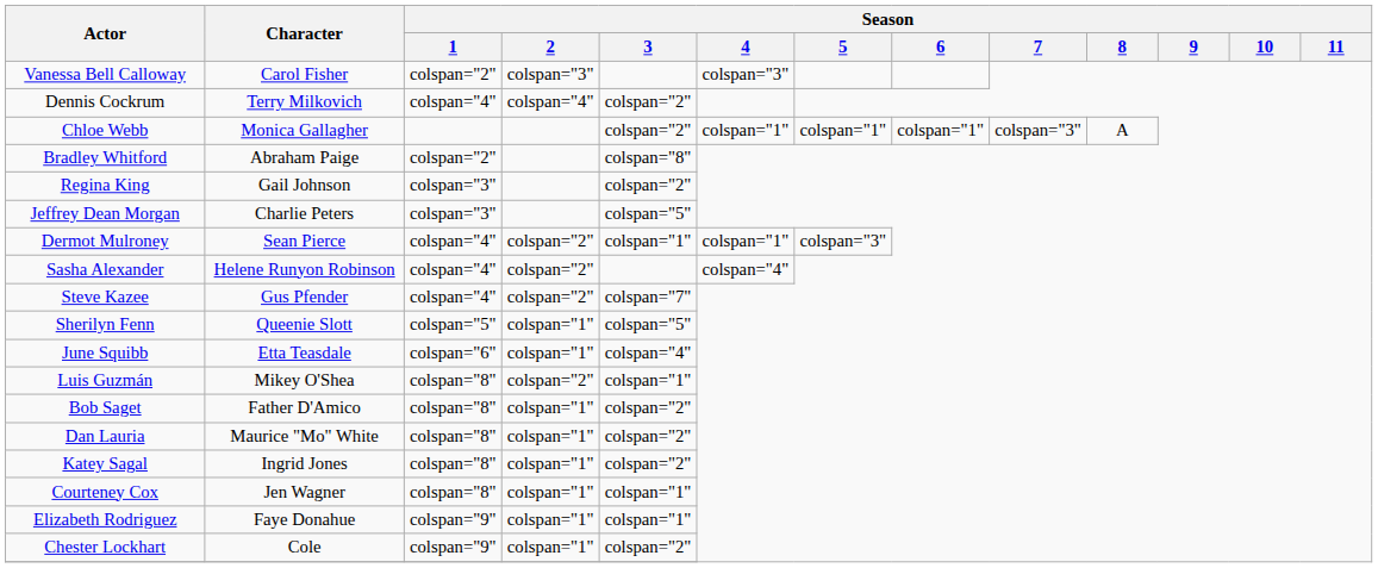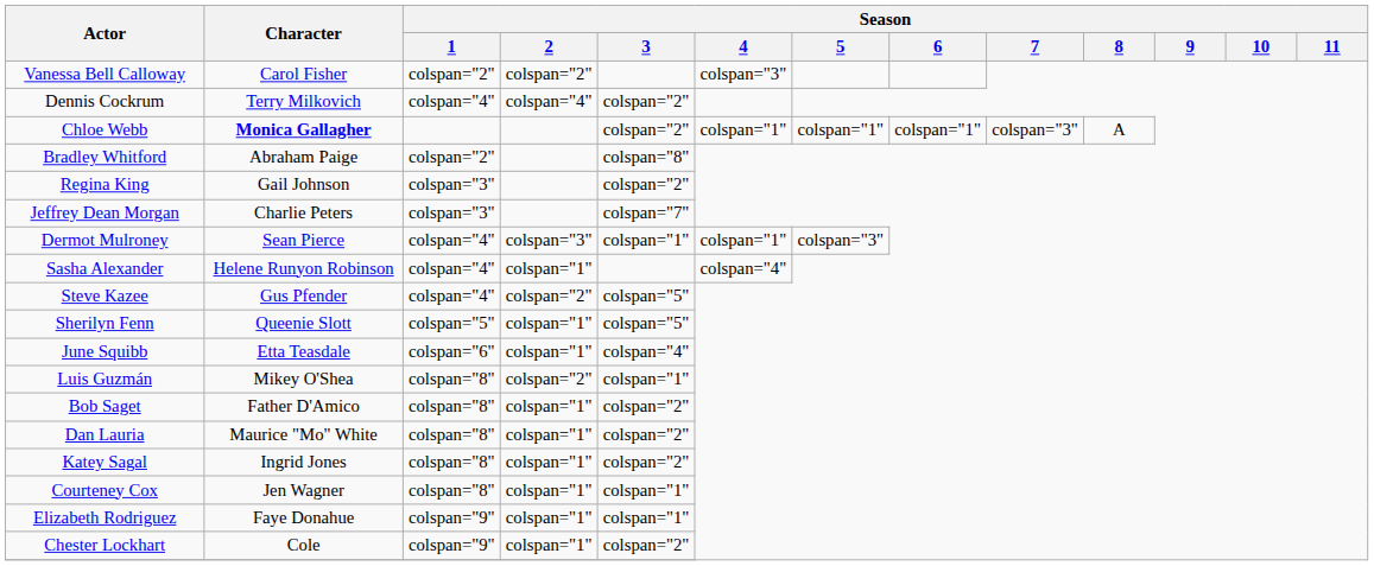 <table class="wikitable plainrowheaders" style="text-align:center">
 <tr>
 <th rowspan="2" width="14%" scope="col">Actor</th>
 <th rowspan="2" width="14%" scope="col">Character</th>
 <th rowspan="1" colspan="11">Season</th>
 </tr>
 <tr>
 <th scope="col" style="width:5%;"><a href='#'>1</a></th>
 <th scope="col" style="width:5%;"><a href='#'>2</a></th>
 <th scope="col" style="width:5%;"><a href='#'>3</a></th>
 <th scope="col" style="width:5%;"><a href='#'>4</a></th>
 <th scope="col" style="width:5%;"><a href='#'>5</a></th>
 <th scope="col" style="width:5%;"><a href='#'>6</a></th>
 <th scope="col" style="width:5%;"><a href='#'>7</a></th>
 <th scope="col" style="width:5%;"><a href='#'>8</a></th>
 <th scope="col" style="width:5%;"><a href='#'>9</a></th>
 <th scope="col" style="width:5%;"><a href='#'>10</a></th>
 <th scope="col" style="width:5%;"><a href='#'>11</a></th>
 </tr>
 <tr>
 <td><a href='#'>Vanessa Bell Calloway</a></td>
 <td><a href='#'>Carol Fisher</a></td>
 <td>colspan="2" </td>
-<td>colspan="3" </td>
+<td>colspan="2" </td>
 <td></td>
 <td>colspan="3" </td>
 <td></td>
 <td></td>
 </tr>
 <tr>
 <td>Dennis Cockrum</td>
 <td><a href='#'>Terry Milkovich</a></td>
 <td>colspan="4" </td>
 <td>colspan="4" </td>
 <td>colspan="2" </td>
 <td></td>
 </tr>
 <tr>
 <td><a href='#'>Chloe Webb</a></td>
-<td><a href='#'>Monica Gallagher</a></td>
+<td><strong><a href='#'>Monica Gallagher</a></strong></td>
 <td></td>
 <td></td>
 <td>colspan="2" </td>
 <td>colspan="1" </td>
 <td>colspan="1" </td>
 <td>colspan="1" </td>
 <td>colspan="3" </td>
 <td colspan="1" Archive footage>A</td>
 </tr>
 <tr>
 <td><a href='#'>Bradley Whitford</a></td>
 <td>Abraham Paige</td>
 <td>colspan="2" </td>
 <td></td>
 <td>colspan="8" </td>
 </tr>
 <tr>
 <td><a href='#'>Regina King</a></td>
 <td>Gail Johnson</td>
 <td>colspan="3" </td>
 <td></td>
 <td>colspan="2" </td>
 </tr>
 <tr>
 <td><a href='#'>Jeffrey Dean Morgan</a></td>
 <td>Charlie Peters</td>
 <td>colspan="3" </td>
 <td></td>
-<td>colspan="5" </td>
+<td>colspan="7" </td>
 </tr>
 <tr>
 <td><a href='#'>Dermot Mulroney</a></td>
 <td><a href='#'>Sean Pierce</a></td>
 <td>colspan="4" </td>
-<td>colspan="2" </td>
+<td>colspan="3" </td>
 <td>colspan="1" </td>
 <td>colspan="1" </td>
 <td>colspan="3" </td>
 </tr>
 <tr>
 <td><a href='#'>Sasha Alexander</a></td>
 <td><a href='#'>Helene Runyon Robinson</a></td>
 <td>colspan="4" </td>
-<td>colspan="2" </td>
+<td>colspan="1" </td>
 <td></td>
 <td>colspan="4"  </td>
 </tr>
 <tr>
 <td><a href='#'>Steve Kazee</a></td>
 <td><a href='#'>Gus Pfender</a></td>
 <td>colspan="4" </td>
 <td>colspan="2" </td>
-<td>colspan="7" </td>
+<td>colspan="5" </td>
 </tr>
 <tr>
 <td><a href='#'>Sherilyn Fenn</a></td>
 <td><a href='#'>Queenie Slott</a></td>
 <td>colspan="5" </td>
 <td>colspan="1" </td>
 <td>colspan="5" </td>
 </tr>
 <tr>
 <td><a href='#'>June Squibb</a></td>
 <td><a href='#'>Etta Teasdale</a></td>
 <td>colspan="6" </td>
 <td>colspan="1" </td>
 <td>colspan="4" </td>
 </tr>
 <tr>
 <td><a href='#'>Luis Guzmán</a></td>
 <td>Mikey O'Shea</td>
 <td>colspan="8" </td>
 <td>colspan="2" </td>
 <td>colspan="1" </td>
 </tr>
 <tr>
 <td><a href='#'>Bob Saget</a></td>
 <td>Father D'Amico</td>
 <td>colspan="8" </td>
 <td>colspan="1" </td>
 <td>colspan="2" </td>
 </tr>
 <tr>
 <td><a href='#'>Dan Lauria</a></td>
 <td>Maurice "Mo" White</td>
 <td>colspan="8" </td>
 <td>colspan="1" </td>
 <td>colspan="2" </td>
 </tr>
 <tr>
 <td><a href='#'>Katey Sagal</a></td>
 <td>Ingrid Jones</td>
 <td>colspan="8" </td>
 <td>colspan="1" </td>
 <td>colspan="2" </td>
 </tr>
 <tr>
 <td><a href='#'>Courteney Cox</a></td>
 <td>Jen Wagner</td>
 <td>colspan="8" </td>
 <td>colspan="1" </td>
 <td>colspan="1" </td>
 </tr>
 <tr>
 <td><a href='#'>Elizabeth Rodriguez</a></td>
 <td>Faye Donahue</td>
 <td>colspan="9" </td>
 <td>colspan="1" </td>
 <td>colspan="1" </td>
 </tr>
 <tr>
 <td><a href='#'>Chester Lockhart</a></td>
 <td>Cole</td>
 <td>colspan="9" </td>
 <td>colspan="1" </td>
 <td>colspan="2" </td>
 </tr>
 <tr>
 </tr>
 </table>
